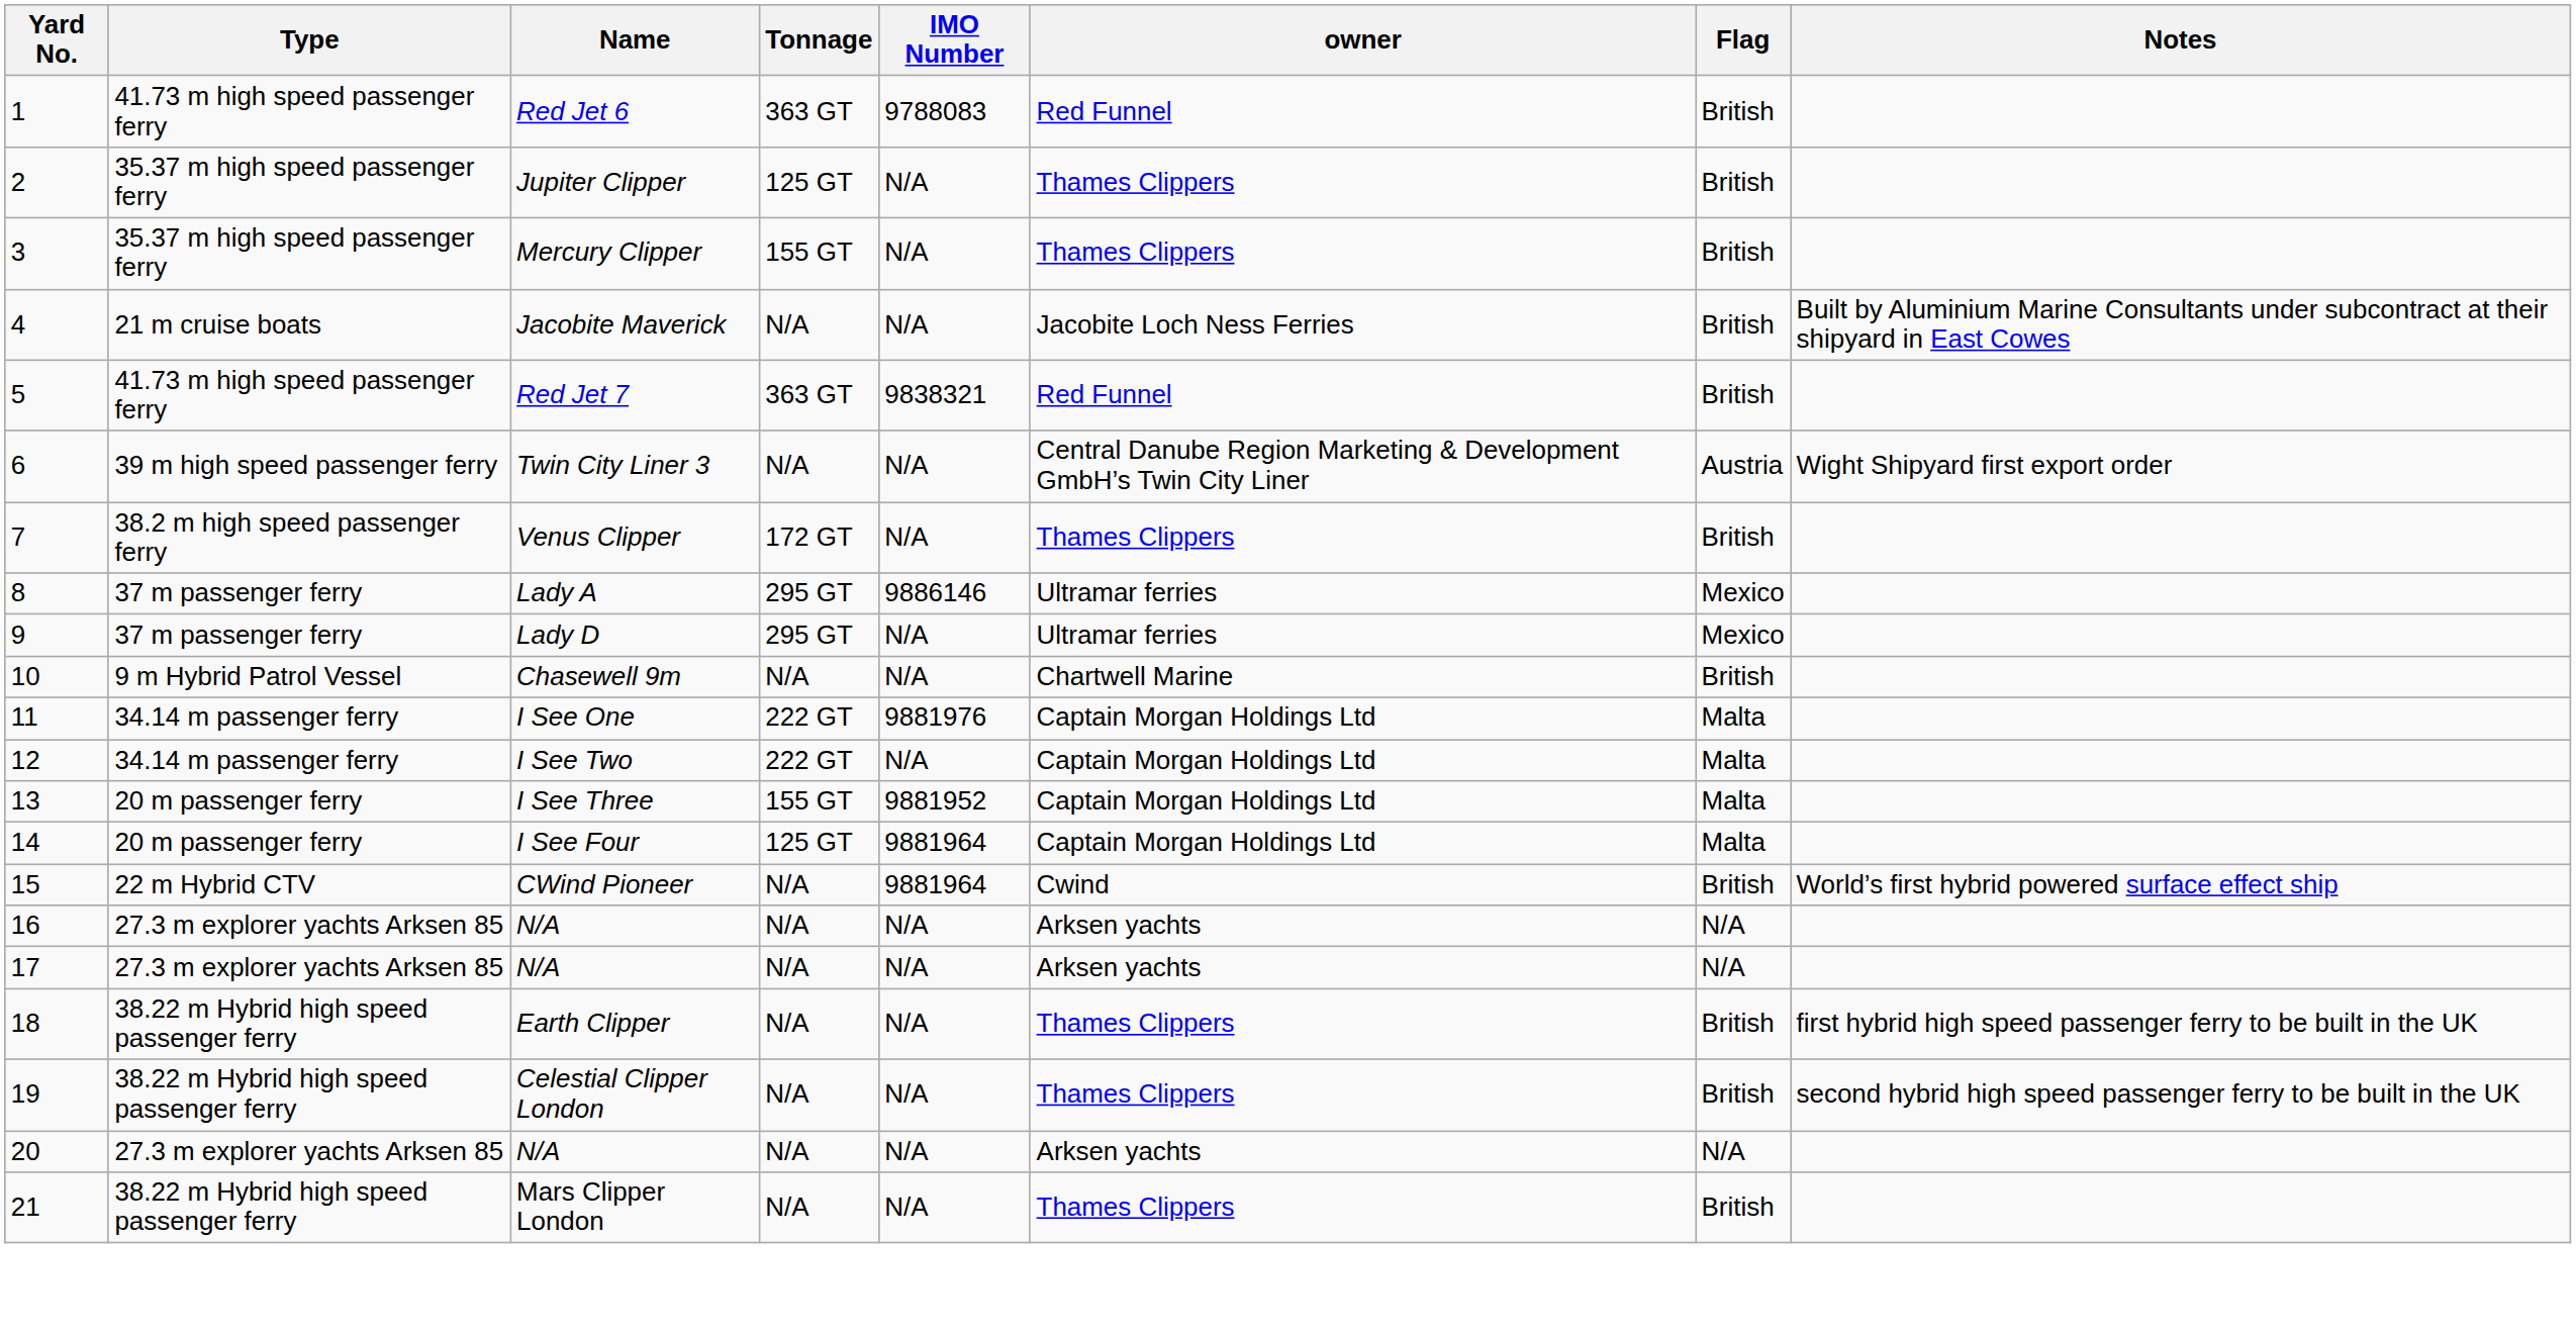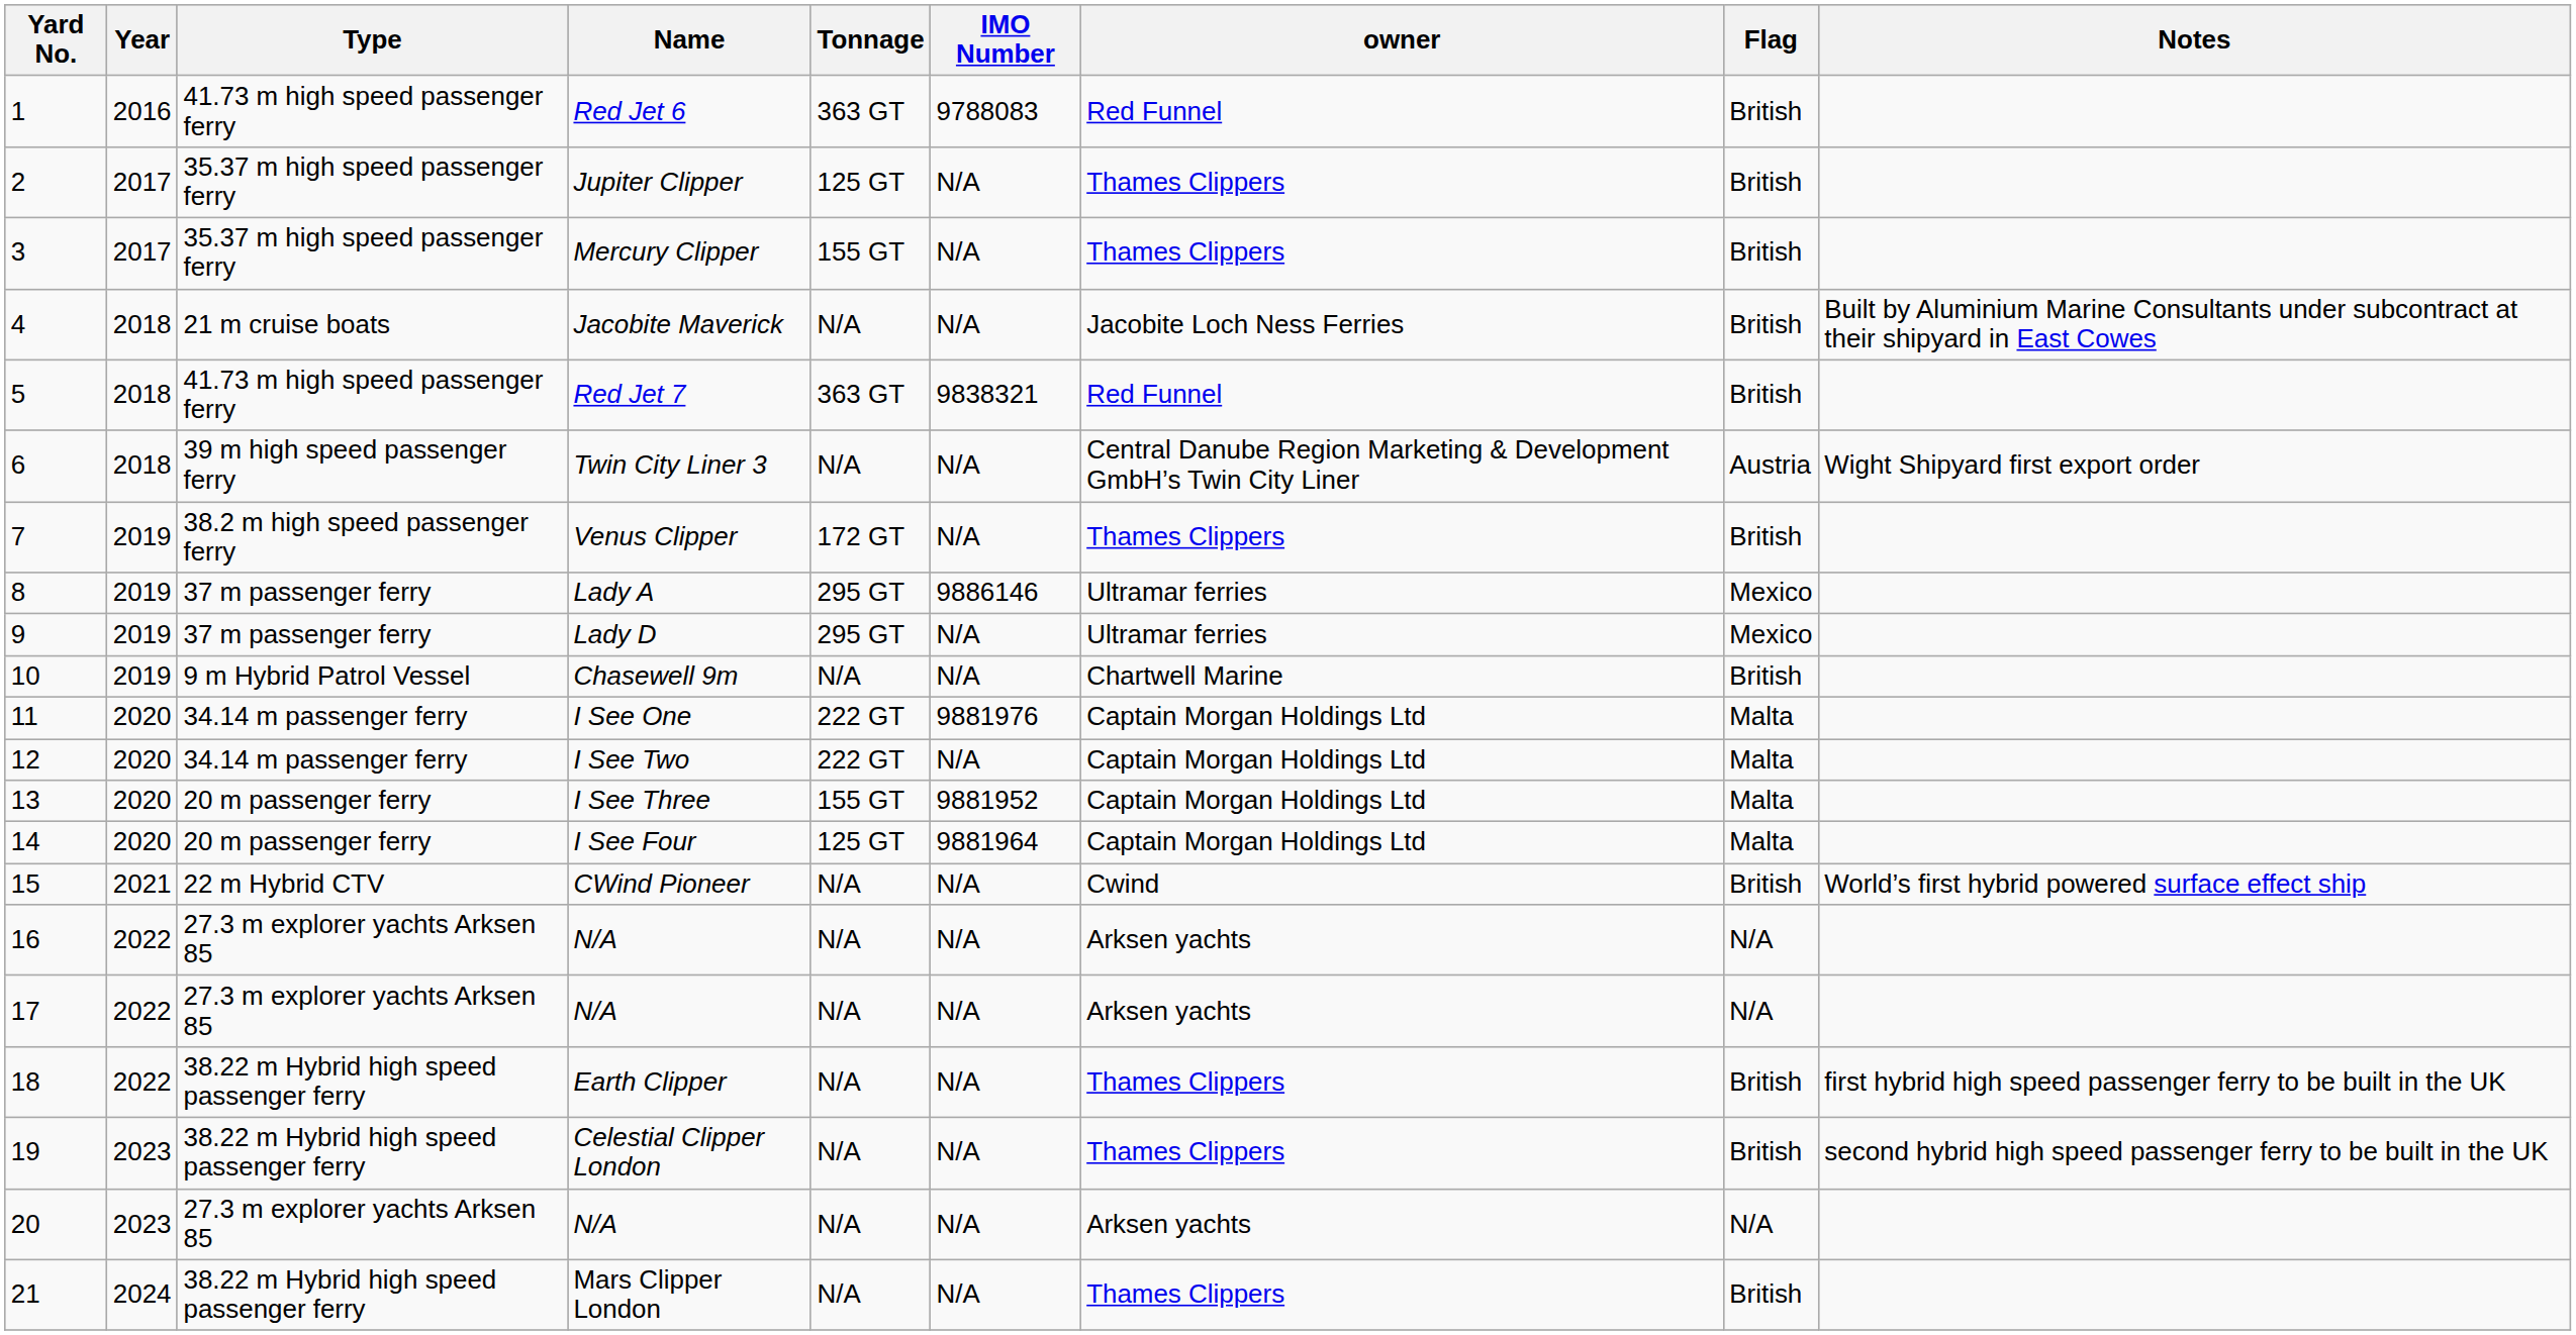 <table class="wikitable">
 <tr>
 <th>Yard No.</th>
+<th>Year</th>
 <th>Type</th>
 <th>Name</th>
 <th>Tonnage</th>
 <th><a href='#'>IMO Number</a></th>
 <th>owner</th>
 <th>Flag</th>
 <th>Notes</th>
 </tr>
 <tr>
 <td>1</td>
+<td>2016</td>
 <td>41.73 m high speed passenger ferry</td>
 <td><em><a href='#'>Red Jet 6</a></em></td>
 <td>363 GT</td>
 <td>9788083</td>
 <td><a href='#'>Red Funnel</a></td>
 <td>British</td>
 <td></td>
 </tr>
 <tr>
 <td>2</td>
+<td>2017</td>
 <td>35.37 m high speed passenger ferry</td>
 <td><em>Jupiter Clipper</em></td>
 <td>125 GT</td>
 <td>N/A</td>
 <td><a href='#'>Thames Clippers</a></td>
 <td>British</td>
 <td></td>
 </tr>
 <tr>
 <td>3</td>
+<td>2017</td>
 <td>35.37 m high speed passenger ferry</td>
 <td><em>Mercury Clipper</em></td>
 <td>155 GT</td>
 <td>N/A</td>
 <td><a href='#'>Thames Clippers</a></td>
 <td>British</td>
 <td></td>
 </tr>
 <tr>
 <td>4</td>
+<td>2018</td>
 <td>21 m cruise boats</td>
 <td><em>Jacobite Maverick</em></td>
 <td>N/A</td>
 <td>N/A</td>
 <td>Jacobite Loch Ness Ferries</td>
 <td>British</td>
 <td>Built by Aluminium Marine Consultants under subcontract at their shipyard in <a href='#'>East Cowes</a></td>
 </tr>
 <tr>
 <td>5</td>
+<td>2018</td>
 <td>41.73 m high speed passenger ferry</td>
 <td><em><a href='#'>Red Jet 7</a></em></td>
 <td>363 GT</td>
 <td>9838321</td>
 <td><a href='#'>Red Funnel</a></td>
 <td>British</td>
 <td></td>
 </tr>
 <tr>
 <td>6</td>
+<td>2018</td>
 <td>39 m high speed passenger ferry</td>
 <td><em>Twin City Liner 3</em></td>
 <td>N/A</td>
 <td>N/A</td>
 <td>Central Danube Region Marketing & Development GmbH’s Twin City Liner</td>
 <td>Austria</td>
 <td>Wight Shipyard first export order</td>
 </tr>
 <tr>
 <td>7</td>
+<td>2019</td>
 <td>38.2 m high speed passenger ferry</td>
 <td><em>Venus Clipper</em></td>
 <td>172 GT</td>
 <td>N/A</td>
 <td><a href='#'>Thames Clippers</a></td>
 <td>British</td>
 <td></td>
 </tr>
 <tr>
 <td>8</td>
+<td>2019</td>
 <td>37 m passenger ferry</td>
 <td><em>Lady A</em></td>
 <td>295 GT</td>
 <td>9886146</td>
 <td>Ultramar ferries</td>
 <td>Mexico</td>
 <td></td>
 </tr>
 <tr>
 <td>9</td>
+<td>2019</td>
 <td>37 m passenger ferry</td>
 <td><em>Lady D</em></td>
 <td>295 GT</td>
 <td>N/A</td>
 <td>Ultramar ferries</td>
 <td>Mexico</td>
 <td></td>
 </tr>
 <tr>
 <td>10</td>
+<td>2019</td>
 <td>9 m Hybrid Patrol Vessel</td>
 <td><em>Chasewell 9m</em></td>
 <td>N/A</td>
 <td>N/A</td>
 <td>Chartwell Marine</td>
 <td>British</td>
 <td></td>
 </tr>
 <tr>
 <td>11</td>
+<td>2020</td>
 <td>34.14 m passenger ferry</td>
 <td><em>I See One</em></td>
 <td>222 GT</td>
 <td>9881976</td>
 <td>Captain Morgan Holdings Ltd</td>
 <td>Malta</td>
 <td></td>
 </tr>
 <tr>
 <td>12</td>
+<td>2020</td>
 <td>34.14 m passenger ferry</td>
 <td><em>I See Two</em></td>
 <td>222 GT</td>
 <td>N/A</td>
 <td>Captain Morgan Holdings Ltd</td>
 <td>Malta</td>
 <td></td>
 </tr>
 <tr>
 <td>13</td>
+<td>2020</td>
 <td>20 m passenger ferry</td>
 <td><em>I See Three</em></td>
 <td>155 GT</td>
 <td>9881952</td>
 <td>Captain Morgan Holdings Ltd</td>
 <td>Malta</td>
 <td></td>
 </tr>
 <tr>
 <td>14</td>
+<td>2020</td>
 <td>20 m passenger ferry</td>
 <td><em>I See Four </em></td>
 <td>125 GT</td>
 <td>9881964</td>
 <td>Captain Morgan Holdings Ltd</td>
 <td>Malta</td>
 <td></td>
 </tr>
 <tr>
 <td>15</td>
+<td>2021</td>
 <td>22 m Hybrid CTV</td>
 <td><em>CWind Pioneer</em></td>
 <td>N/A</td>
-<td>9881964</td>
+<td>N/A</td>
 <td>Cwind</td>
 <td>British</td>
 <td>World’s first hybrid powered <a href='#'>surface effect ship</a></td>
 </tr>
 <tr>
 <td>16</td>
+<td>2022</td>
 <td>27.3 m explorer yachts Arksen 85</td>
 <td><em>N/A</em></td>
 <td>N/A</td>
 <td>N/A</td>
 <td>Arksen yachts</td>
 <td>N/A</td>
 <td></td>
 </tr>
 <tr>
 <td>17</td>
+<td>2022</td>
 <td>27.3 m explorer yachts Arksen 85</td>
 <td><em>N/A</em></td>
 <td>N/A</td>
 <td>N/A</td>
 <td>Arksen yachts</td>
 <td>N/A</td>
 <td></td>
 </tr>
 <tr>
 <td>18</td>
+<td>2022</td>
 <td>38.22 m Hybrid high speed passenger ferry </td>
 <td><em>Earth Clipper</em></td>
 <td>N/A</td>
 <td>N/A</td>
 <td><a href='#'>Thames Clippers</a></td>
 <td>British</td>
 <td>first hybrid high speed passenger ferry to be built in the UK</td>
 </tr>
 <tr>
 <td>19</td>
+<td>2023</td>
 <td>38.22 m Hybrid high speed passenger ferry</td>
 <td><em>Celestial Clipper London</em></td>
 <td>N/A</td>
 <td>N/A</td>
 <td><a href='#'>Thames Clippers</a></td>
 <td>British</td>
 <td>second hybrid high speed passenger ferry to be built in the UK</td>
 </tr>
 <tr>
 <td>20</td>
+<td>2023</td>
 <td>27.3 m explorer yachts Arksen 85</td>
 <td><em>N/A</em></td>
 <td>N/A</td>
 <td>N/A</td>
 <td>Arksen yachts</td>
 <td>N/A</td>
 <td></td>
 </tr>
 <tr>
 <td>21</td>
+<td>2024</td>
 <td>38.22 m Hybrid high speed passenger ferry</td>
 <td>Mars Clipper London</td>
 <td>N/A</td>
 <td>N/A</td>
 <td><a href='#'>Thames Clippers</a></td>
 <td>British</td>
 <td></td>
 </tr>
 </table>
